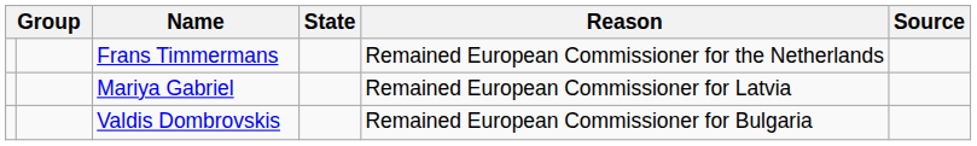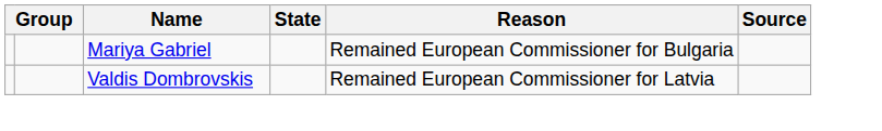 <table class="wikitable">
 <tr>
 <th colspan="2">Group</th>
 <th>Name</th>
 <th>State</th>
 <th>Reason</th>
 <th>Source</th>
 </tr>
 <tr>
 <td style="width:1px; background-color:"></td>
 <td style="width:50px;"><strong></strong></td>
-<td style="width:150px;"><a href='#'>Frans Timmermans</a></td>
-<td></td>
-<td>Remained European Commissioner for the Netherlands</td>
-<td></td>
-</tr>
-<tr>
-<td style="width:1px; background-color:"></td>
-<td style="width:50px;"><strong></strong></td>
 <td style="width:150px;"><a href='#'>Mariya Gabriel</a></td>
 <td></td>
-<td>Remained European Commissioner for Latvia</td>
+<td>Remained European Commissioner for Bulgaria</td>
 <td></td>
 </tr>
 <tr>
 <td style="width:1px; background-color:"></td>
 <td><strong></strong></td>
 <td><a href='#'>Valdis Dombrovskis</a></td>
 <td></td>
-<td>Remained European Commissioner for Bulgaria</td>
+<td>Remained European Commissioner for Latvia</td>
 <td></td>
 </tr>
 </table>
